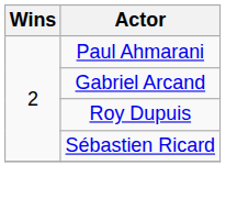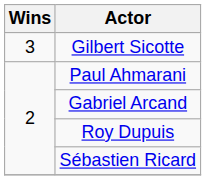 <table class="wikitable" style="text-align:center;">
 <tr>
 <th scope="col" width="13">Wins</th>
 <th scope="col" align="center">Actor</th>
+</tr>
+<tr>
+<td rowspan="1" style="text-align:center;">3</td>
+<td><a href='#'>Gilbert Sicotte</a></td>
 </tr>
 <tr>
 <td rowspan="4" style="text-align:center;">2</td>
 <td><a href='#'>Paul Ahmarani</a></td>
 </tr>
 <tr>
 <td><a href='#'>Gabriel Arcand</a></td>
 </tr>
 <tr>
 <td><a href='#'>Roy Dupuis</a></td>
 </tr>
 <tr>
 <td><a href='#'>Sébastien Ricard</a></td>
 </tr>
 <tr>
 </tr>
 </table>
